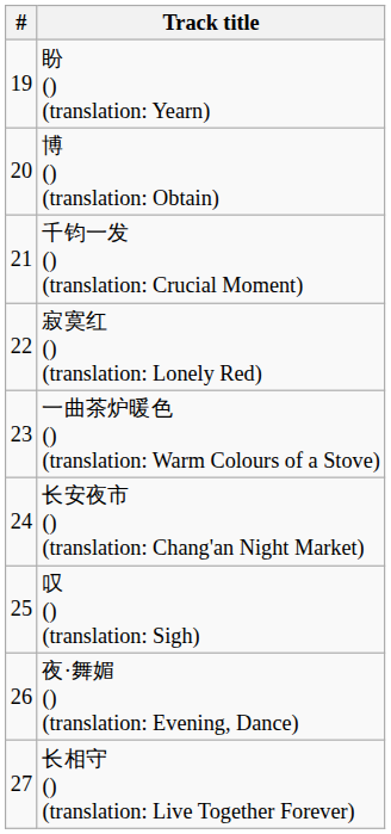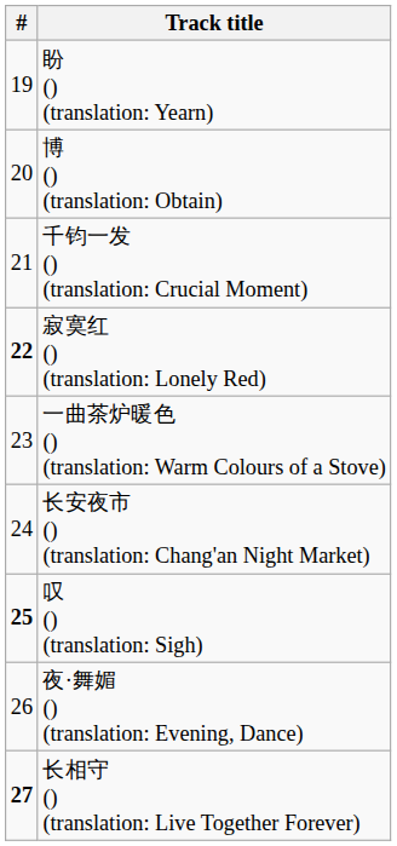 <table class="wikitable">
 <tr>
 <th>#</th>
 <th>Track title</th>
 </tr>
 <tr>
 <td>19</td>
 <td>盼<br>()<br>(translation: Yearn)</td>
 </tr>
 <tr>
 <td>20</td>
 <td>博<br>()<br>(translation: Obtain)</td>
 </tr>
 <tr>
 <td>21</td>
 <td>千钧一发<br>()<br>(translation: Crucial Moment)</td>
 </tr>
 <tr>
-<td>22</td>
+<td><strong>22</strong></td>
 <td>寂寞红<br>()<br>(translation: Lonely Red)</td>
 </tr>
 <tr>
 <td>23</td>
 <td>一曲茶炉暖色<br>()<br>(translation: Warm Colours of a Stove)</td>
 </tr>
 <tr>
 <td>24</td>
 <td>长安夜市<br>()<br>(translation: Chang'an Night Market)</td>
 </tr>
 <tr>
-<td>25</td>
+<td><strong>25</strong></td>
 <td>叹<br>()<br>(translation: Sigh)</td>
 </tr>
 <tr>
 <td>26</td>
 <td>夜·舞媚<br>()<br>(translation: Evening, Dance)</td>
 </tr>
 <tr>
-<td>27</td>
+<td><strong>27</strong></td>
 <td>长相守<br>()<br>(translation: Live Together Forever)</td>
 </tr>
 </table>
